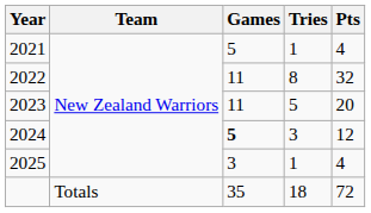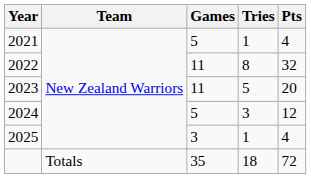 <table class="wikitable">
 <tr>
 <th>Year</th>
 <th>Team</th>
 <th>Games</th>
 <th>Tries</th>
 <th>Pts</th>
 </tr>
 <tr>
 <td>2021</td>
 <td rowspan="5"> <a href='#'>New Zealand Warriors</a></td>
 <td>5</td>
 <td>1</td>
 <td>4</td>
 </tr>
 <tr>
 <td>2022</td>
 <td>11</td>
 <td>8</td>
 <td>32</td>
 </tr>
 <tr>
 <td>2023</td>
 <td>11</td>
 <td>5</td>
 <td>20</td>
 </tr>
 <tr>
 <td>2024</td>
-<td><strong>5</strong></td>
+<td>5</td>
 <td>3</td>
 <td>12</td>
 </tr>
 <tr>
 <td>2025</td>
 <td>3</td>
 <td>1</td>
 <td>4</td>
 </tr>
 <tr>
 <td></td>
 <td>Totals</td>
 <td>35</td>
 <td>18</td>
 <td>72</td>
 </tr>
 </table>
